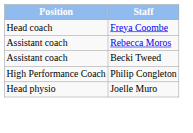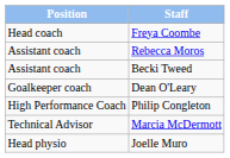 <table class="wikitable">
 <tr>
 <th style="background:#90bbee; color:white;">Position</th>
 <th style="background:#90bbee; color:white;">Staff</th>
 </tr>
 <tr>
 <td>Head coach</td>
 <td> <a href='#'>Freya Coombe</a></td>
 </tr>
 <tr>
 <td>Assistant coach</td>
 <td> <a href='#'>Rebecca Moros</a></td>
 </tr>
 <tr>
 <td>Assistant coach</td>
 <td> Becki Tweed</td>
 </tr>
 <tr>
+<td>Goalkeeper coach</td>
+<td> Dean O'Leary</td>
+</tr>
+<tr>
 <td>High Performance Coach</td>
 <td> Philip Congleton</td>
+</tr>
+<tr>
+<td>Technical Advisor</td>
+<td> <a href='#'>Marcia McDermott</a></td>
 </tr>
 <tr>
 <td>Head physio</td>
 <td> Joelle Muro</td>
 </tr>
 </table>
